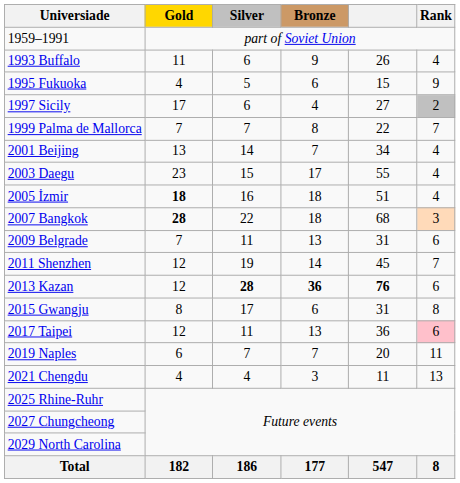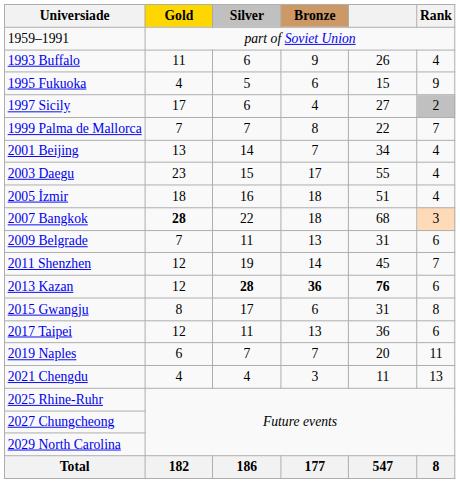 <table class="wikitable" style="text-align:center; font-size:90%;">
 <tr>
 <th>Universiade</th>
 <td style="background:gold; width:4.5em; font-weight:bold;">Gold<br></td>
 <td style="background:silver; width:4.5em; font-weight:bold;">Silver<br></td>
 <td style="background:#cc9966; width:4.5em; font-weight:bold;">Bronze<br></td>
 <th style="width:4.5em; font-weight:bold;"></th>
 <th>Rank</th>
 </tr>
 <tr>
 <td align=left>1959–1991</td>
 <td colspan=5><em>part of  <a href='#'>Soviet Union</a></em></td>
 </tr>
 <tr>
 <td align=left> <a href='#'>1993 Buffalo</a></td>
 <td>11</td>
 <td>6</td>
 <td>9</td>
 <td>26</td>
 <td>4</td>
 </tr>
 <tr>
 <td align=left> <a href='#'>1995 Fukuoka</a></td>
 <td>4</td>
 <td>5</td>
 <td>6</td>
 <td>15</td>
 <td>9</td>
 </tr>
 <tr>
 <td align=left> <a href='#'>1997 Sicily</a></td>
 <td>17</td>
 <td>6</td>
 <td>4</td>
 <td>27</td>
 <td style="background:silver">2</td>
 </tr>
 <tr>
 <td align=left> <a href='#'>1999 Palma de Mallorca</a></td>
 <td>7</td>
 <td>7</td>
 <td>8</td>
 <td>22</td>
 <td>7</td>
 </tr>
 <tr>
 <td align=left> <a href='#'>2001 Beijing</a></td>
 <td>13</td>
 <td>14</td>
 <td>7</td>
 <td>34</td>
 <td>4</td>
 </tr>
 <tr>
 <td align=left> <a href='#'>2003 Daegu</a></td>
 <td>23</td>
 <td>15</td>
 <td>17</td>
 <td>55</td>
 <td>4</td>
 </tr>
 <tr>
 <td align=left> <a href='#'>2005 İzmir</a></td>
-<td><strong>18</strong></td>
+<td>18</td>
 <td>16</td>
 <td>18</td>
 <td>51</td>
 <td>4</td>
 </tr>
 <tr>
 <td align=left> <a href='#'>2007 Bangkok</a></td>
 <td><strong>28</strong></td>
 <td>22</td>
 <td>18</td>
 <td>68</td>
 <td style="background:#ffdab9;">3</td>
 </tr>
 <tr>
 <td align=left> <a href='#'>2009 Belgrade</a></td>
 <td>7</td>
 <td>11</td>
 <td>13</td>
 <td>31</td>
 <td>6</td>
 </tr>
 <tr>
 <td align=left> <a href='#'>2011 Shenzhen</a></td>
 <td>12</td>
 <td>19</td>
 <td>14</td>
 <td>45</td>
 <td>7</td>
 </tr>
 <tr>
 <td align=left> <a href='#'>2013 Kazan</a></td>
 <td>12</td>
 <td><strong>28</strong></td>
 <td><strong>36</strong></td>
 <td><strong>76</strong></td>
 <td>6</td>
 </tr>
 <tr>
 <td align=left> <a href='#'>2015 Gwangju</a></td>
 <td>8</td>
 <td>17</td>
 <td>6</td>
 <td>31</td>
 <td>8</td>
 </tr>
 <tr>
 <td align=left> <a href='#'>2017 Taipei</a></td>
 <td>12</td>
 <td>11</td>
 <td>13</td>
 <td>36</td>
-<td style="background: pink;">6</td>
+<td>6</td>
 </tr>
 <tr>
 <td align=left> <a href='#'>2019 Naples</a></td>
 <td>6</td>
 <td>7</td>
 <td>7</td>
 <td>20</td>
 <td>11</td>
 </tr>
 <tr>
 <td align=left> <a href='#'>2021 Chengdu</a></td>
 <td>4</td>
 <td>4</td>
 <td>3</td>
 <td>11</td>
 <td>13</td>
 </tr>
 <tr>
 <td align=left> <a href='#'>2025 Rhine-Ruhr</a></td>
 <td rowspan=3 colspan=5><em>Future events</em></td>
 </tr>
 <tr>
 <td align=left> <a href='#'>2027 Chungcheong</a></td>
 </tr>
 <tr>
 <td align=left> <a href='#'>2029 North Carolina</a></td>
 </tr>
 <tr>
 <th>Total</th>
 <th>182</th>
 <th>186</th>
 <th>177</th>
 <th>547</th>
 <th>8</th>
 </tr>
 </table>
